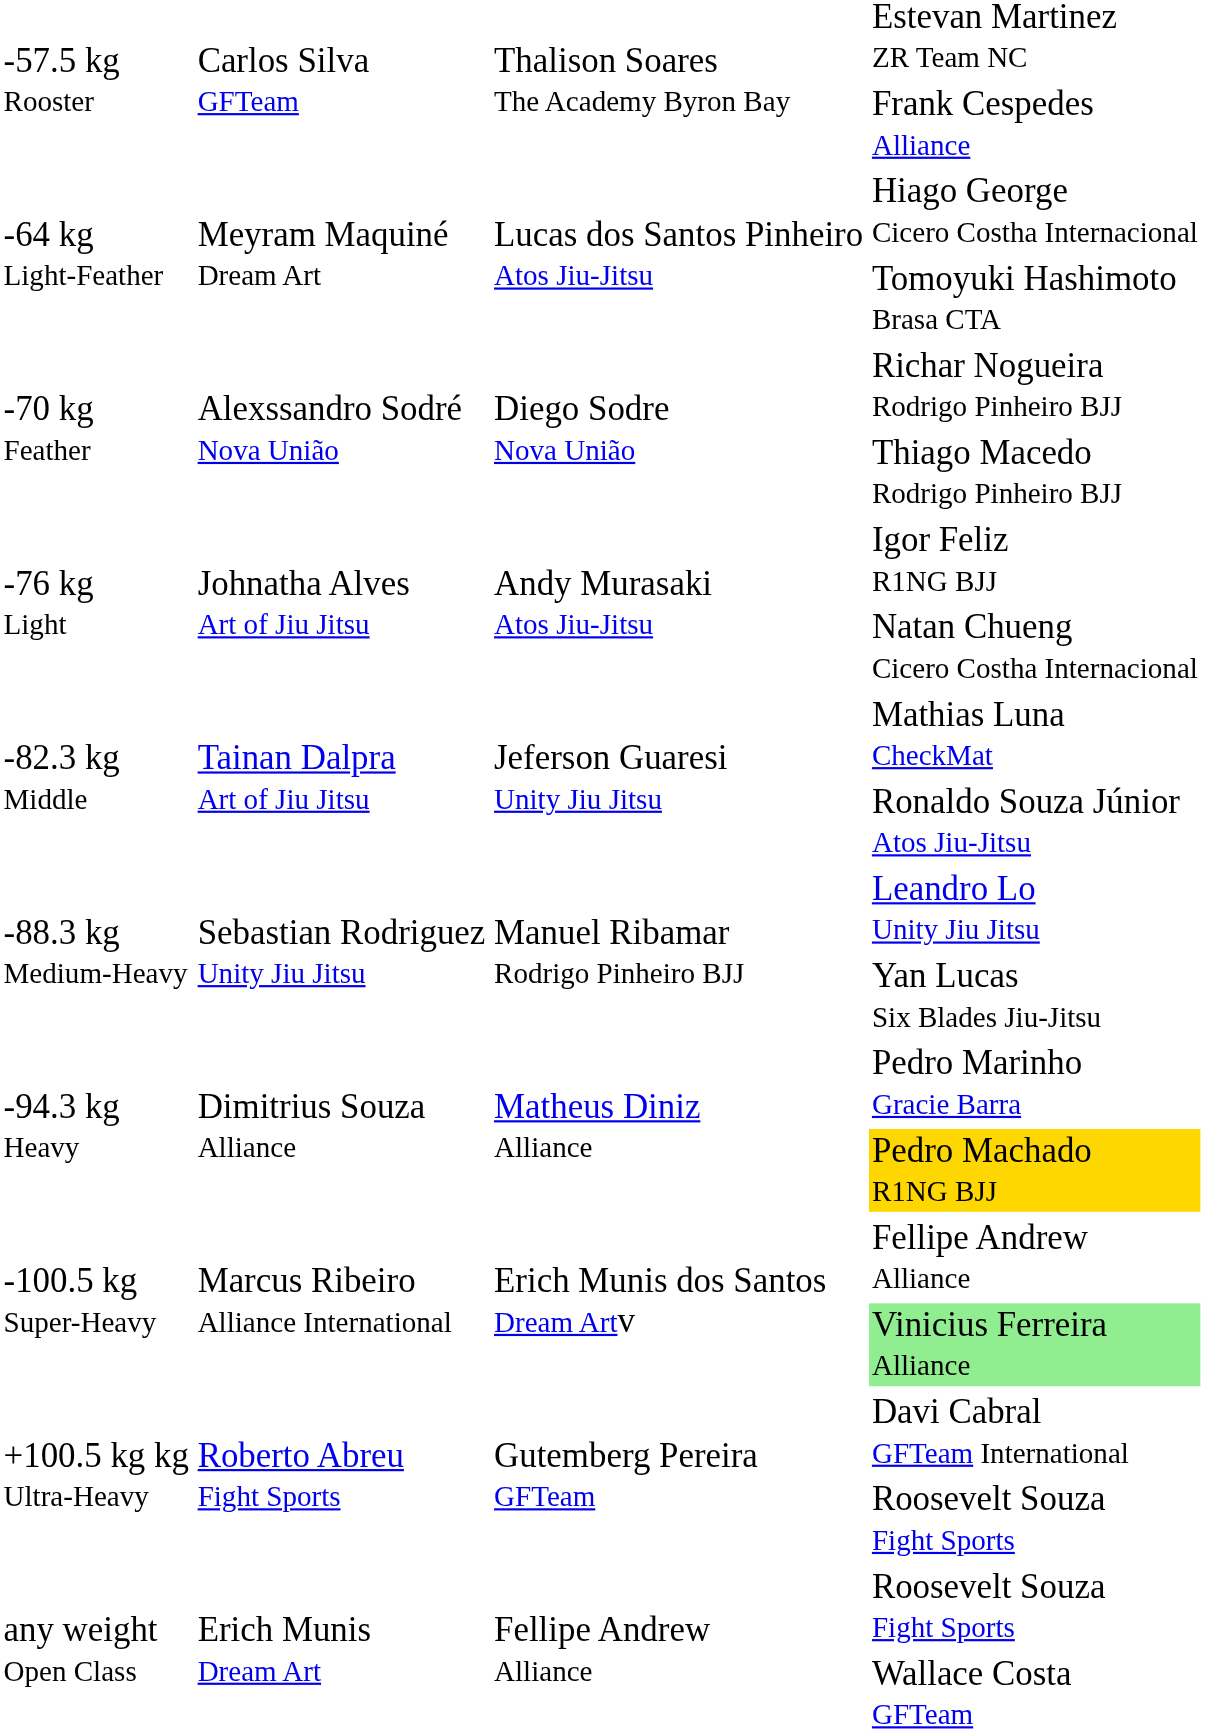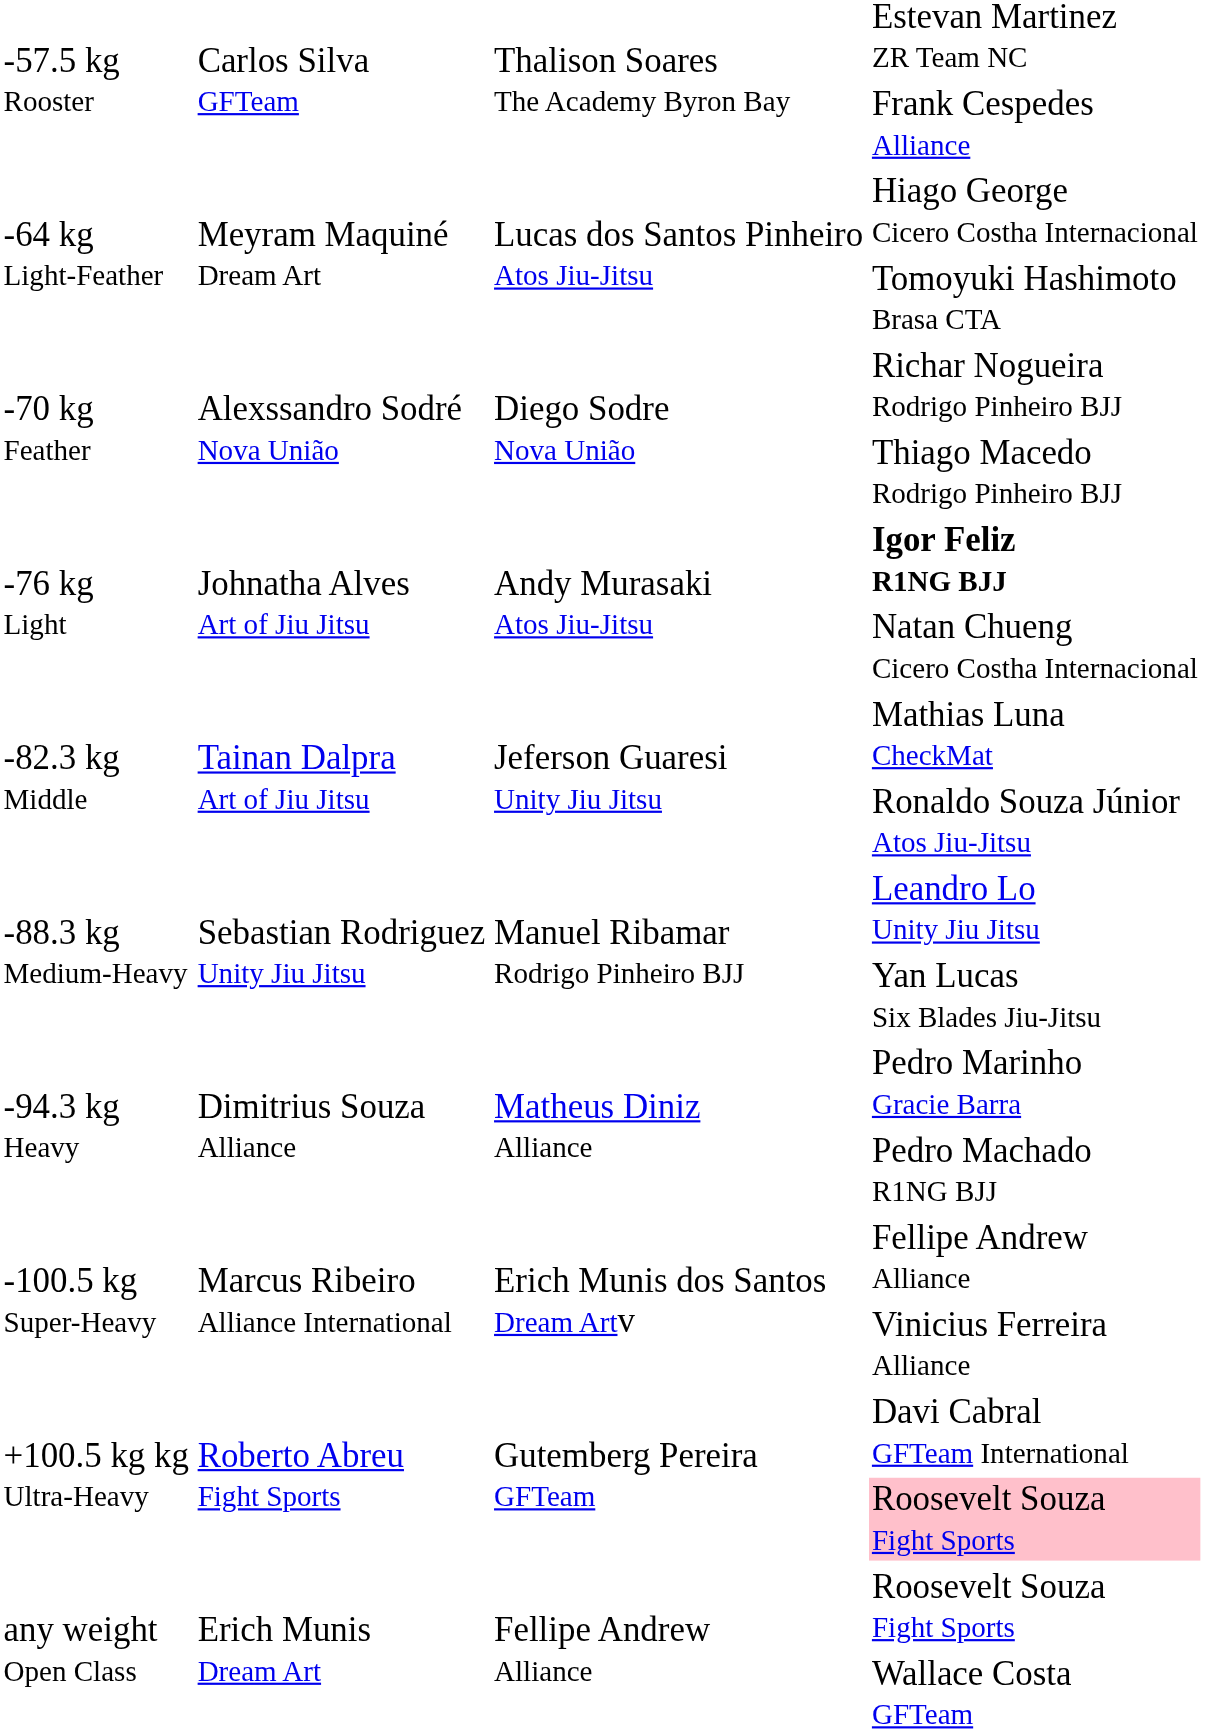 <table>
 <tr>
 <td rowspan=2>-57.5 kg<br><small>Rooster</small></td>
 <td rowspan=2> Carlos Silva<br><small><a href='#'>GFTeam</a></small></td>
 <td rowspan=2> Thalison Soares<br><small>The Academy Byron Bay</small></td>
 <td> Estevan Martinez<br><small>ZR Team NC</small></td>
 </tr>
 <tr>
 <td> Frank Cespedes<br><small><a href='#'>Alliance</a></small></td>
 </tr>
 <tr>
 <td rowspan=2>-64 kg<br><small>Light-Feather</small></td>
 <td rowspan=2> Meyram Maquiné<br><small>Dream Art</small></td>
 <td rowspan=2> Lucas dos Santos Pinheiro<br><small><a href='#'>Atos Jiu-Jitsu</a></small></td>
 <td> Hiago George<br><small>Cicero Costha Internacional</small></td>
 </tr>
 <tr>
 <td> Tomoyuki Hashimoto<br><small>Brasa CTA</small></td>
 </tr>
 <tr>
 <td rowspan=2>-70 kg<br><small>Feather</small></td>
 <td rowspan=2> Alexssandro Sodré<br><small><a href='#'>Nova União</a></small></td>
 <td rowspan=2> Diego Sodre<br><small><a href='#'>Nova União</a></small></td>
 <td> Richar Nogueira<br><small>Rodrigo Pinheiro BJJ</small></td>
 </tr>
 <tr>
 <td> Thiago Macedo<br><small>Rodrigo Pinheiro BJJ</small></td>
 </tr>
 <tr>
 <td rowspan=2>-76 kg<br><small>Light</small></td>
 <td rowspan=2> Johnatha Alves<br><small><a href='#'>Art of Jiu Jitsu</a></small></td>
 <td rowspan=2> Andy Murasaki<br><small><a href='#'>Atos Jiu-Jitsu</a></small></td>
-<td> Igor Feliz<br><small>R1NG BJJ</small></td>
+<td><strong> Igor Feliz<br><small>R1NG BJJ</small></strong></td>
 </tr>
 <tr>
 <td> Natan Chueng<br><small>Cicero Costha Internacional</small></td>
 </tr>
 <tr>
 <td rowspan=2>-82.3 kg<br><small>Middle</small></td>
 <td rowspan=2> <a href='#'>Tainan Dalpra</a><br><small><a href='#'>Art of Jiu Jitsu</a></small></td>
 <td rowspan=2> Jeferson Guaresi<br><small><a href='#'>Unity Jiu Jitsu</a></small></td>
 <td> Mathias Luna<br><small><a href='#'>CheckMat</a></small></td>
 </tr>
 <tr>
 <td> Ronaldo Souza Júnior<br><small><a href='#'>Atos Jiu-Jitsu</a></small></td>
 </tr>
 <tr>
 <td rowspan=2>-88.3 kg<br><small>Medium-Heavy</small></td>
 <td rowspan=2> Sebastian Rodriguez<br><small><a href='#'>Unity Jiu Jitsu</a></small></td>
 <td rowspan=2> Manuel Ribamar<br><small>Rodrigo Pinheiro BJJ</small></td>
 <td> <a href='#'>Leandro Lo</a><br><small><a href='#'>Unity Jiu Jitsu</a></small></td>
 </tr>
 <tr>
 <td> Yan Lucas<br><small>Six Blades Jiu-Jitsu</small></td>
 </tr>
 <tr>
 <td rowspan=2>-94.3 kg<br><small>Heavy </small></td>
 <td rowspan=2> Dimitrius Souza<br><small>Alliance</small></td>
 <td rowspan=2> <a href='#'>Matheus Diniz</a><br><small>Alliance</small></td>
 <td> Pedro Marinho<br><small><a href='#'>Gracie Barra</a></small></td>
 </tr>
 <tr>
-<td style="background: gold;"> Pedro Machado<br><small>R1NG BJJ</small></td>
+<td> Pedro Machado<br><small>R1NG BJJ</small></td>
 </tr>
 <tr>
 <td rowspan=2>-100.5 kg<br><small>Super-Heavy</small></td>
 <td rowspan=2> Marcus Ribeiro<br><small> Alliance International</small></td>
 <td rowspan=2> Erich Munis dos Santos<br><small><a href='#'>Dream Art</a></small>v</td>
 <td> Fellipe Andrew<br><small>Alliance</small></td>
 </tr>
 <tr>
-<td style="background: lightgreen;"> Vinicius Ferreira<br><small>Alliance</small></td>
+<td> Vinicius Ferreira<br><small>Alliance</small></td>
 </tr>
 <tr>
 <td rowspan=2>+100.5 kg kg<br><small>Ultra-Heavy</small></td>
 <td rowspan=2> <a href='#'>Roberto Abreu</a><br><small><a href='#'>Fight Sports</a></small></td>
 <td rowspan=2> Gutemberg Pereira<br><small><a href='#'>GFTeam</a></small></td>
 <td> Davi Cabral<br><small><a href='#'>GFTeam</a> International</small></td>
 </tr>
 <tr>
-<td> Roosevelt Souza<br><small><a href='#'>Fight Sports</a> </small></td>
+<td style="background: pink;"> Roosevelt Souza<br><small><a href='#'>Fight Sports</a> </small></td>
 </tr>
 <tr>
 <td rowspan=2>any weight<br><small>Open Class</small></td>
 <td rowspan=2> Erich Munis<br><small><a href='#'>Dream Art</a></small></td>
 <td rowspan=2> Fellipe Andrew<br><small>Alliance</small></td>
 <td> Roosevelt Souza<br><small><a href='#'>Fight Sports</a> </small></td>
 </tr>
 <tr>
 <td> Wallace Costa<br><small><a href='#'>GFTeam</a></small></td>
 </tr>
 <tr>
 </tr>
 </table>
